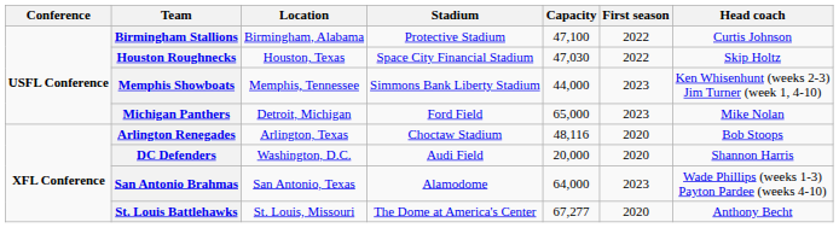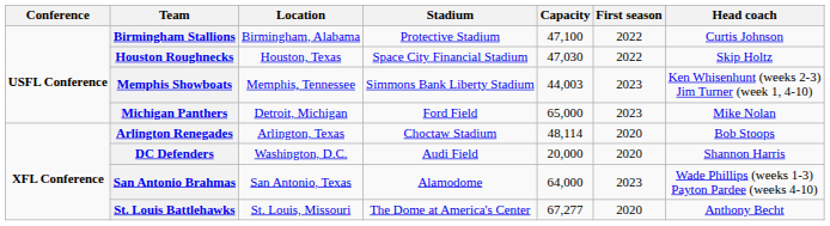 <table class="wikitable sortable plainrowheaders">
 <tr>
 <th scope="col">Conference</th>
 <th scope="col">Team</th>
 <th scope="col">Location</th>
 <th scope="col">Stadium</th>
 <th scope="col">Capacity</th>
 <th scope="col">First season</th>
 <th scope="col">Head coach</th>
 </tr>
 <tr>
 <td rowspan="4" style="text-align:center; "><br><strong>USFL Conference</strong></td>
 <th scope="row" style="text-align:center;"><strong><a href='#'>Birmingham Stallions</a></strong></th>
 <td style="text-align:center;"><a href='#'>Birmingham, Alabama</a></td>
 <td style="text-align:center;"><a href='#'>Protective Stadium</a></td>
 <td style="text-align:center;">47,100</td>
 <td style="text-align:center;">2022</td>
 <td style="text-align:center;"><a href='#'>Curtis Johnson</a></td>
 </tr>
 <tr>
 <th scope="row" style="text-align:center;"><strong><a href='#'>Houston Roughnecks</a> </strong></th>
 <td style="text-align:center;"><a href='#'>Houston, Texas</a></td>
 <td style="text-align:center;"><a href='#'>Space City Financial Stadium</a></td>
 <td style="text-align:center;">47,030</td>
 <td style="text-align:center;">2022</td>
 <td style="text-align:center;"><a href='#'>Skip Holtz</a></td>
 </tr>
 <tr>
 <th scope="row" style="text-align:center;"><strong><a href='#'>Memphis Showboats</a></strong></th>
 <td style="text-align:center;"><a href='#'>Memphis, Tennessee</a></td>
 <td style="text-align:center;"><a href='#'>Simmons Bank Liberty Stadium</a></td>
-<td style="text-align:center;">44,000</td>
+<td style="text-align:center;">44,003</td>
 <td style="text-align:center;">2023</td>
 <td style="text-align:center;"><a href='#'>Ken Whisenhunt</a> (weeks 2-3)<br><a href='#'>Jim Turner</a> (week 1, 4-10)</td>
 </tr>
 <tr>
 <th scope="row" style="text-align:center;"><strong><a href='#'>Michigan Panthers</a></strong></th>
 <td style="text-align:center;"><a href='#'>Detroit, Michigan</a></td>
 <td style="text-align:center;"><a href='#'>Ford Field</a></td>
 <td style="text-align:center;">65,000</td>
 <td style="text-align:center;">2023</td>
 <td style="text-align:center;"><a href='#'>Mike Nolan</a></td>
 </tr>
 <tr>
 <td rowspan="4" style="text-align:center; "><br><strong>XFL Conference</strong></td>
 <th scope="row" style="text-align:center;"><strong><a href='#'>Arlington Renegades</a></strong></th>
 <td style="text-align:center;"><a href='#'>Arlington, Texas</a></td>
 <td style="text-align:center;"><a href='#'>Choctaw Stadium</a></td>
-<td style="text-align:center;">48,116</td>
+<td style="text-align:center;">48,114</td>
 <td style="text-align:center;">2020</td>
 <td style="text-align:center;"><a href='#'>Bob Stoops</a></td>
 </tr>
 <tr>
 <th scope="row" style="text-align:center;"><strong><a href='#'>DC Defenders</a></strong></th>
 <td style="text-align:center;"><a href='#'>Washington, D.C.</a></td>
 <td style="text-align:center;"><a href='#'>Audi Field</a></td>
 <td style="text-align:center;">20,000</td>
 <td style="text-align:center;">2020</td>
 <td style="text-align:center;"><a href='#'>Shannon Harris</a></td>
 </tr>
 <tr>
 <th scope="row" style="text-align:center;"><strong><a href='#'>San Antonio Brahmas</a></strong></th>
 <td style="text-align:center;"><a href='#'>San Antonio, Texas</a></td>
 <td style="text-align:center;"><a href='#'>Alamodome</a></td>
 <td style="text-align:center;">64,000</td>
 <td style="text-align:center;">2023</td>
 <td style="text-align:center;"><a href='#'>Wade Phillips</a> (weeks 1-3)<br><a href='#'>Payton Pardee</a> (weeks 4-10)</td>
 </tr>
 <tr>
 <th scope="row" style="text-align:center;"><strong><a href='#'>St. Louis Battlehawks</a></strong></th>
 <td style="text-align:center;"><a href='#'>St. Louis, Missouri</a></td>
 <td style="text-align:center;"><a href='#'>The Dome at America's Center</a></td>
 <td style="text-align:center;">67,277</td>
 <td style="text-align:center;">2020</td>
 <td style="text-align:center;"><a href='#'>Anthony Becht</a></td>
 </tr>
 </table>
